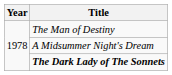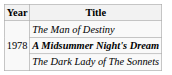 <table class="wikitable">
 <tr>
 <th>Year</th>
 <th>Title</th>
 </tr>
 <tr>
 <td rowspan="3">1978</td>
 <td><em>The Man of Destiny</em></td>
 </tr>
 <tr>
-<td><em>A Midsummer Night's Dream</em></td>
+<td><strong><em>A Midsummer Night's Dream</em></strong></td>
 </tr>
 <tr>
-<td><strong><em>The Dark Lady of The Sonnets</em></strong></td>
+<td><em>The Dark Lady of The Sonnets</em></td>
 </tr>
 </table>
